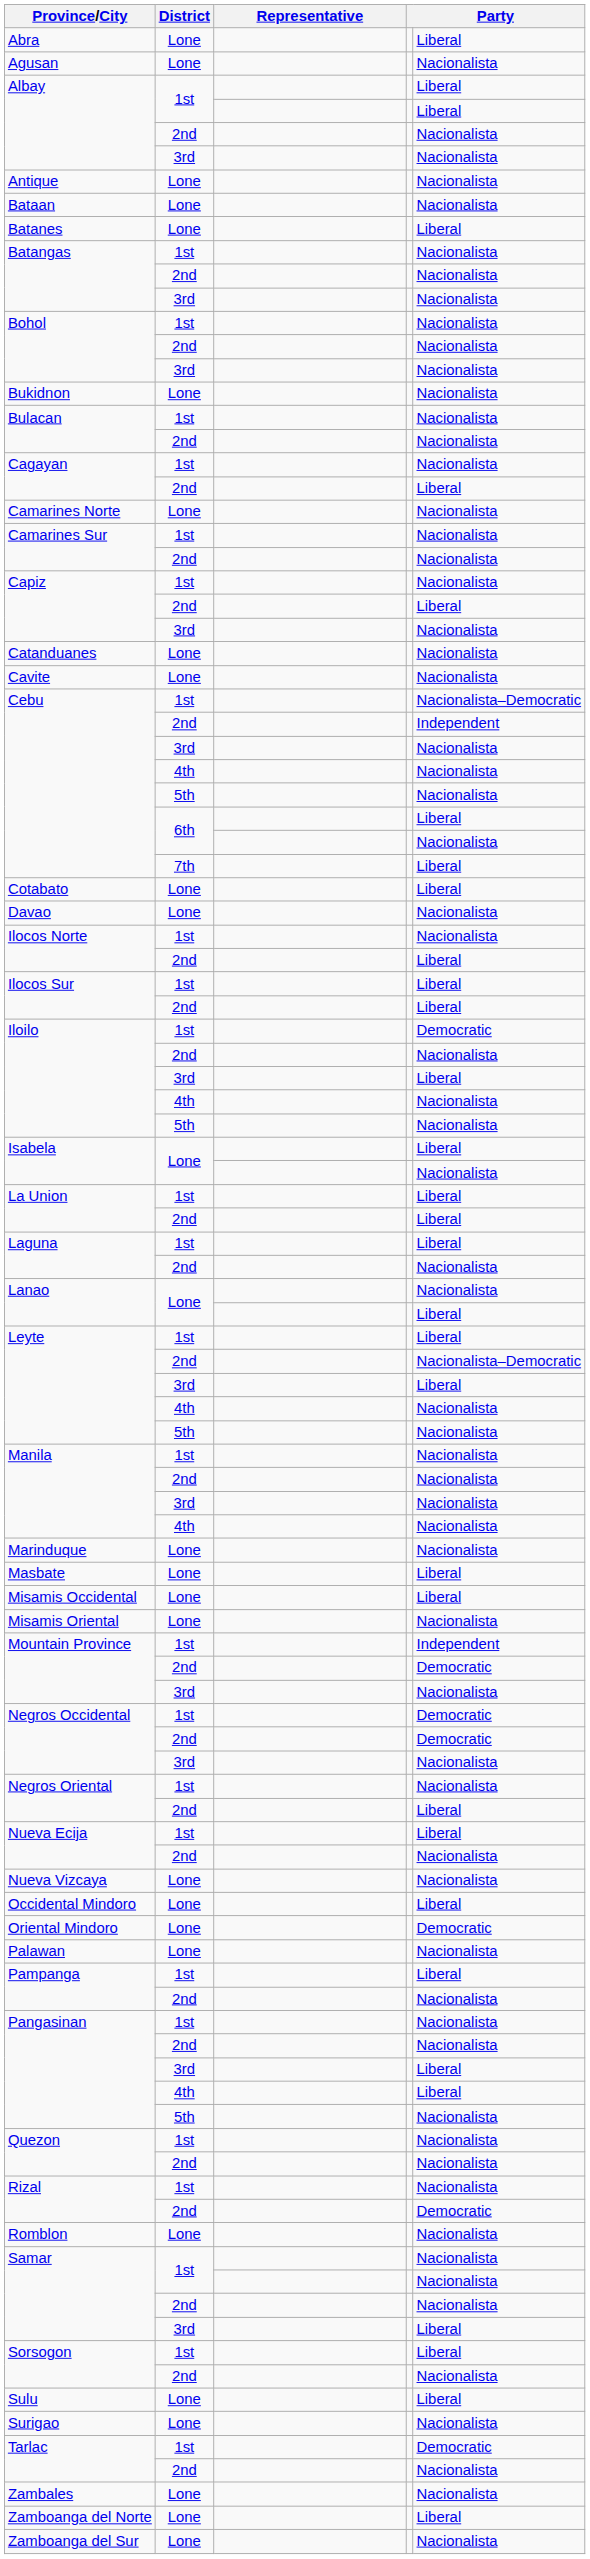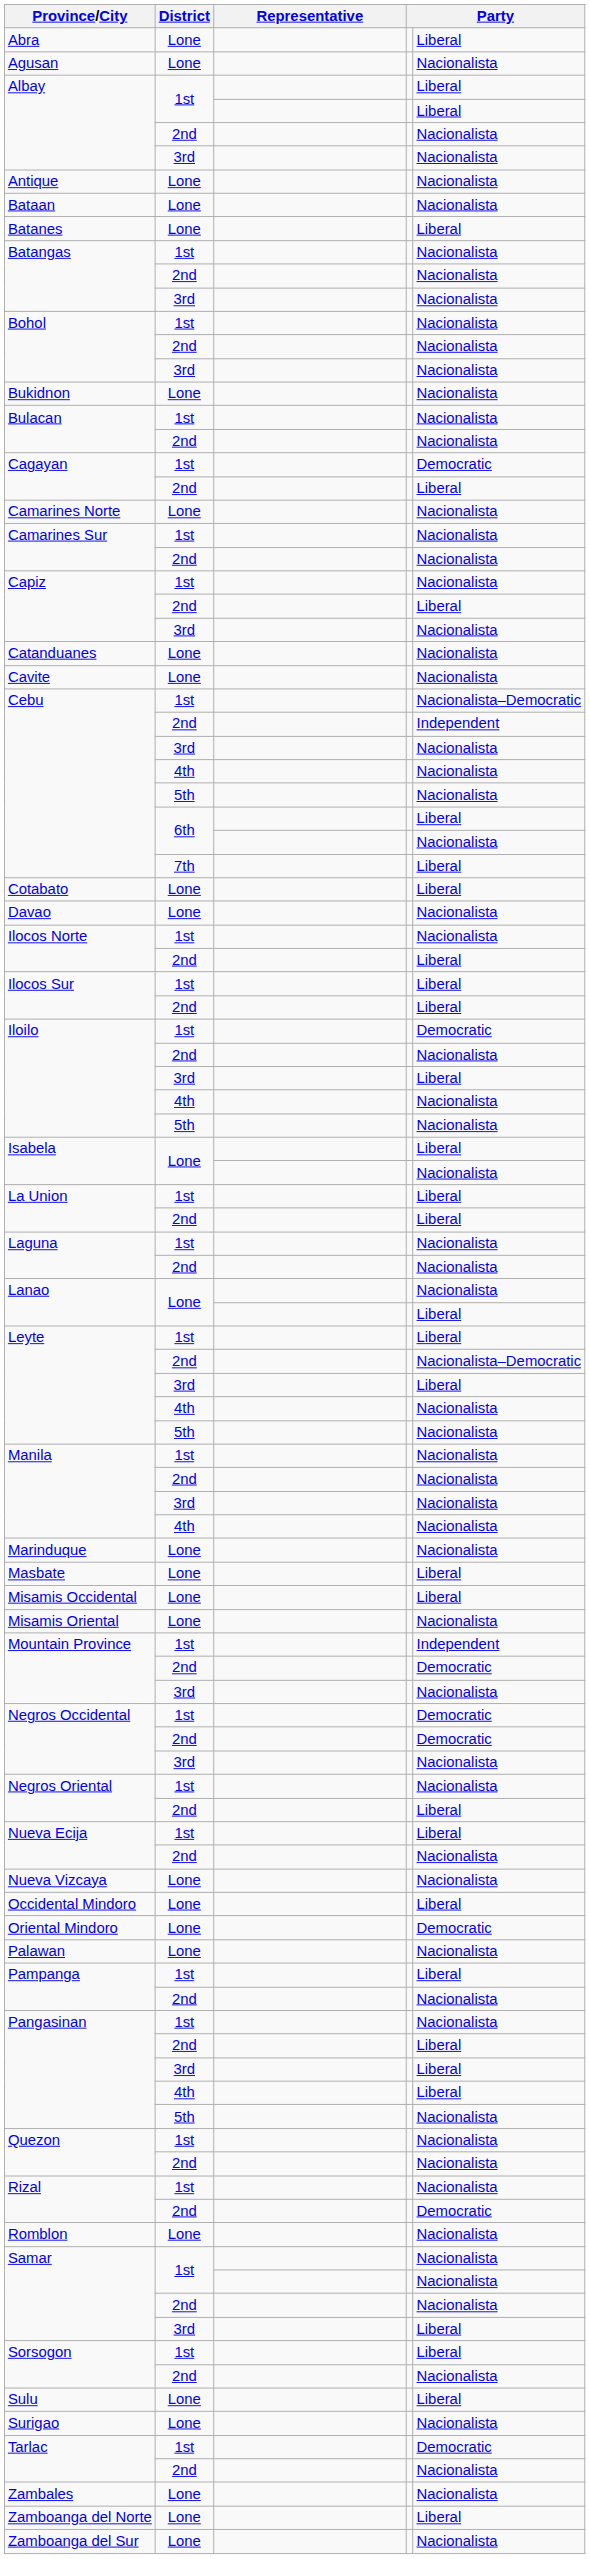 <table class="wikitable sortable">
 <tr>
 <th><a href='#'>Province</a>/<a href='#'>City</a></th>
 <th><a href='#'>District</a></th>
 <th width="200px"><a href='#'>Representative</a></th>
 <th colspan="2"><a href='#'>Party</a></th>
 </tr>
 <tr>
 <td valign="top"><a href='#'>Abra</a></td>
 <td align="center"><a href='#'>Lone</a></td>
 <td></td>
 <td></td>
 <td><a href='#'>Liberal</a></td>
 </tr>
 <tr>
 <td valign="top"><a href='#'>Agusan</a></td>
 <td align="center"><a href='#'>Lone</a></td>
 <td></td>
 <td></td>
 <td><a href='#'>Nacionalista</a></td>
 </tr>
 <tr>
 <td rowspan="4" valign="top"><a href='#'>Albay</a></td>
 <td rowspan="2" align="center"><a href='#'>1st</a></td>
 <td></td>
 <td></td>
 <td><a href='#'>Liberal</a></td>
 </tr>
 <tr>
 <td></td>
 <td></td>
 <td><a href='#'>Liberal</a></td>
 </tr>
 <tr>
 <td align="center"><a href='#'>2nd</a></td>
 <td></td>
 <td></td>
 <td><a href='#'>Nacionalista</a></td>
 </tr>
 <tr>
 <td align="center"><a href='#'>3rd</a></td>
 <td></td>
 <td></td>
 <td><a href='#'>Nacionalista</a></td>
 </tr>
 <tr>
 <td><a href='#'>Antique</a></td>
 <td align="center"><a href='#'>Lone</a></td>
 <td></td>
 <td></td>
 <td><a href='#'>Nacionalista</a></td>
 </tr>
 <tr>
 <td valign="top"><a href='#'>Bataan</a></td>
 <td align="center"><a href='#'>Lone</a></td>
 <td></td>
 <td></td>
 <td><a href='#'>Nacionalista</a></td>
 </tr>
 <tr>
 <td valign="top"><a href='#'>Batanes</a></td>
 <td align="center"><a href='#'>Lone</a></td>
 <td></td>
 <td></td>
 <td><a href='#'>Liberal</a></td>
 </tr>
 <tr>
 <td rowspan="3" valign="top"><a href='#'>Batangas</a></td>
 <td align="center"><a href='#'>1st</a></td>
 <td></td>
 <td></td>
 <td><a href='#'>Nacionalista</a></td>
 </tr>
 <tr>
 <td align="center"><a href='#'>2nd</a></td>
 <td></td>
 <td></td>
 <td><a href='#'>Nacionalista</a></td>
 </tr>
 <tr>
 <td align="center"><a href='#'>3rd</a></td>
 <td></td>
 <td></td>
 <td><a href='#'>Nacionalista</a></td>
 </tr>
 <tr>
 <td rowspan="3" valign="top"><a href='#'>Bohol</a></td>
 <td align="center"><a href='#'>1st</a></td>
 <td></td>
 <td></td>
 <td><a href='#'>Nacionalista</a></td>
 </tr>
 <tr>
 <td align="center"><a href='#'>2nd</a></td>
 <td></td>
 <td></td>
 <td><a href='#'>Nacionalista</a></td>
 </tr>
 <tr>
 <td align="center"><a href='#'>3rd</a></td>
 <td></td>
 <td></td>
 <td><a href='#'>Nacionalista</a></td>
 </tr>
 <tr>
 <td valign="top"><a href='#'>Bukidnon</a></td>
 <td align="center"><a href='#'>Lone</a></td>
 <td></td>
 <td></td>
 <td><a href='#'>Nacionalista</a></td>
 </tr>
 <tr>
 <td rowspan="2" valign="top"><a href='#'>Bulacan</a></td>
 <td align="center"><a href='#'>1st</a></td>
 <td></td>
 <td></td>
 <td><a href='#'>Nacionalista</a></td>
 </tr>
 <tr>
 <td align="center"><a href='#'>2nd</a></td>
 <td></td>
 <td></td>
 <td><a href='#'>Nacionalista</a></td>
 </tr>
 <tr>
 <td rowspan="2" valign="top"><a href='#'>Cagayan</a></td>
 <td align="center"><a href='#'>1st</a></td>
 <td></td>
 <td></td>
-<td><a href='#'>Nacionalista</a></td>
+<td><a href='#'>Democratic</a></td>
 </tr>
 <tr>
 <td align="center"><a href='#'>2nd</a></td>
 <td></td>
 <td></td>
 <td><a href='#'>Liberal</a></td>
 </tr>
 <tr>
 <td valign="top"><a href='#'>Camarines Norte</a></td>
 <td align="center"><a href='#'>Lone</a></td>
 <td></td>
 <td></td>
 <td><a href='#'>Nacionalista</a></td>
 </tr>
 <tr>
 <td rowspan="2" valign="top"><a href='#'>Camarines Sur</a></td>
 <td align="center"><a href='#'>1st</a></td>
 <td></td>
 <td></td>
 <td><a href='#'>Nacionalista</a></td>
 </tr>
 <tr>
 <td align="center"><a href='#'>2nd</a></td>
 <td></td>
 <td></td>
 <td><a href='#'>Nacionalista</a></td>
 </tr>
 <tr>
 <td rowspan="3" valign="top"><a href='#'>Capiz</a></td>
 <td align="center"><a href='#'>1st</a></td>
 <td></td>
 <td></td>
 <td><a href='#'>Nacionalista</a></td>
 </tr>
 <tr>
 <td align="center"><a href='#'>2nd</a></td>
 <td></td>
 <td></td>
 <td><a href='#'>Liberal</a></td>
 </tr>
 <tr>
 <td align="center"><a href='#'>3rd</a></td>
 <td></td>
 <td></td>
 <td><a href='#'>Nacionalista</a></td>
 </tr>
 <tr>
 <td valign="top"><a href='#'>Catanduanes</a></td>
 <td align="center"><a href='#'>Lone</a></td>
 <td></td>
 <td></td>
 <td><a href='#'>Nacionalista</a></td>
 </tr>
 <tr>
 <td valign="top"><a href='#'>Cavite</a></td>
 <td align="center"><a href='#'>Lone</a></td>
 <td></td>
 <td></td>
 <td><a href='#'>Nacionalista</a></td>
 </tr>
 <tr>
 <td rowspan="8" valign="top"><a href='#'>Cebu</a></td>
 <td align="center"><a href='#'>1st</a></td>
 <td></td>
 <td></td>
 <td><a href='#'>Nacionalista–Democratic</a></td>
 </tr>
 <tr>
 <td align="center"><a href='#'>2nd</a></td>
 <td></td>
 <td></td>
 <td><a href='#'>Independent</a></td>
 </tr>
 <tr>
 <td align="center"><a href='#'>3rd</a></td>
 <td></td>
 <td></td>
 <td><a href='#'>Nacionalista</a></td>
 </tr>
 <tr>
 <td align="center"><a href='#'>4th</a></td>
 <td></td>
 <td></td>
 <td><a href='#'>Nacionalista</a></td>
 </tr>
 <tr>
 <td align="center"><a href='#'>5th</a></td>
 <td></td>
 <td></td>
 <td><a href='#'>Nacionalista</a></td>
 </tr>
 <tr>
 <td rowspan="2" align="center"><a href='#'>6th</a></td>
 <td></td>
 <td></td>
 <td><a href='#'>Liberal</a></td>
 </tr>
 <tr>
 <td></td>
 <td></td>
 <td><a href='#'>Nacionalista</a></td>
 </tr>
 <tr>
 <td align="center"><a href='#'>7th</a></td>
 <td></td>
 <td></td>
 <td><a href='#'>Liberal</a></td>
 </tr>
 <tr>
 <td valign="top"><a href='#'>Cotabato</a></td>
 <td align="center"><a href='#'>Lone</a></td>
 <td></td>
 <td></td>
 <td><a href='#'>Liberal</a></td>
 </tr>
 <tr>
 <td valign="top"><a href='#'>Davao</a></td>
 <td align="center"><a href='#'>Lone</a></td>
 <td></td>
 <td></td>
 <td><a href='#'>Nacionalista</a></td>
 </tr>
 <tr>
 <td rowspan="2" valign="top"><a href='#'>Ilocos Norte</a></td>
 <td align="center"><a href='#'>1st</a></td>
 <td></td>
 <td></td>
 <td><a href='#'>Nacionalista</a></td>
 </tr>
 <tr>
 <td align="center"><a href='#'>2nd</a></td>
 <td></td>
 <td></td>
 <td><a href='#'>Liberal</a></td>
 </tr>
 <tr>
 <td rowspan="2" valign="top"><a href='#'>Ilocos Sur</a></td>
 <td align="center"><a href='#'>1st</a></td>
 <td></td>
 <td></td>
 <td><a href='#'>Liberal</a></td>
 </tr>
 <tr>
 <td align="center"><a href='#'>2nd</a></td>
 <td></td>
 <td></td>
 <td><a href='#'>Liberal</a></td>
 </tr>
 <tr>
 <td rowspan="5" valign="top"><a href='#'>Iloilo</a></td>
 <td align="center"><a href='#'>1st</a></td>
 <td></td>
 <td></td>
 <td><a href='#'>Democratic</a></td>
 </tr>
 <tr>
 <td align="center"><a href='#'>2nd</a></td>
 <td></td>
 <td></td>
 <td><a href='#'>Nacionalista</a></td>
 </tr>
 <tr>
 <td align="center"><a href='#'>3rd</a></td>
 <td></td>
 <td></td>
 <td><a href='#'>Liberal</a></td>
 </tr>
 <tr>
 <td align="center"><a href='#'>4th</a></td>
 <td></td>
 <td></td>
 <td><a href='#'>Nacionalista</a></td>
 </tr>
 <tr>
 <td align="center"><a href='#'>5th</a></td>
 <td></td>
 <td></td>
 <td><a href='#'>Nacionalista</a></td>
 </tr>
 <tr>
 <td rowspan="2" valign="top"><a href='#'>Isabela</a></td>
 <td rowspan="2" align="center"><a href='#'>Lone</a></td>
 <td></td>
 <td></td>
 <td><a href='#'>Liberal</a></td>
 </tr>
 <tr>
 <td></td>
 <td></td>
 <td><a href='#'>Nacionalista</a></td>
 </tr>
 <tr>
 <td rowspan="2" valign="top"><a href='#'>La Union</a></td>
 <td align="center"><a href='#'>1st</a></td>
 <td></td>
 <td></td>
 <td><a href='#'>Liberal</a></td>
 </tr>
 <tr>
 <td align="center"><a href='#'>2nd</a></td>
 <td></td>
 <td></td>
 <td><a href='#'>Liberal</a></td>
 </tr>
 <tr>
 <td rowspan="2" valign="top"><a href='#'>Laguna</a></td>
 <td align="center"><a href='#'>1st</a></td>
 <td></td>
 <td></td>
-<td><a href='#'>Liberal</a></td>
+<td><a href='#'>Nacionalista</a></td>
 </tr>
 <tr>
 <td align="center"><a href='#'>2nd</a></td>
 <td></td>
 <td></td>
 <td><a href='#'>Nacionalista</a></td>
 </tr>
 <tr>
 <td rowspan="2" valign="top"><a href='#'>Lanao</a></td>
 <td rowspan="2" align="center"><a href='#'>Lone</a></td>
 <td></td>
 <td></td>
 <td><a href='#'>Nacionalista</a></td>
 </tr>
 <tr>
 <td></td>
 <td></td>
 <td><a href='#'>Liberal</a></td>
 </tr>
 <tr>
 <td rowspan="5" valign="top"><a href='#'>Leyte</a></td>
 <td align="center"><a href='#'>1st</a></td>
 <td></td>
 <td></td>
 <td><a href='#'>Liberal</a></td>
 </tr>
 <tr>
 <td align="center"><a href='#'>2nd</a></td>
 <td></td>
 <td></td>
 <td><a href='#'>Nacionalista–Democratic</a></td>
 </tr>
 <tr>
 <td align="center"><a href='#'>3rd</a></td>
 <td></td>
 <td></td>
 <td><a href='#'>Liberal</a></td>
 </tr>
 <tr>
 <td align="center"><a href='#'>4th</a></td>
 <td></td>
 <td></td>
 <td><a href='#'>Nacionalista</a></td>
 </tr>
 <tr>
 <td align="center"><a href='#'>5th</a></td>
 <td></td>
 <td></td>
 <td><a href='#'>Nacionalista</a></td>
 </tr>
 <tr>
 <td rowspan="4" valign="top"><a href='#'>Manila</a></td>
 <td align="center"><a href='#'>1st</a></td>
 <td></td>
 <td></td>
 <td><a href='#'>Nacionalista</a></td>
 </tr>
 <tr>
 <td align="center"><a href='#'>2nd</a></td>
 <td></td>
 <td></td>
 <td><a href='#'>Nacionalista</a></td>
 </tr>
 <tr>
 <td align="center"><a href='#'>3rd</a></td>
 <td></td>
 <td></td>
 <td><a href='#'>Nacionalista</a></td>
 </tr>
 <tr>
 <td align="center"><a href='#'>4th</a></td>
 <td></td>
 <td></td>
 <td><a href='#'>Nacionalista</a></td>
 </tr>
 <tr>
 <td valign="top"><a href='#'>Marinduque</a></td>
 <td align="center"><a href='#'>Lone</a></td>
 <td></td>
 <td></td>
 <td><a href='#'>Nacionalista</a></td>
 </tr>
 <tr>
 <td valign="top"><a href='#'>Masbate</a></td>
 <td align="center"><a href='#'>Lone</a></td>
 <td></td>
 <td></td>
 <td><a href='#'>Liberal</a></td>
 </tr>
 <tr>
 <td valign="top"><a href='#'>Misamis Occidental</a></td>
 <td align="center"><a href='#'>Lone</a></td>
 <td></td>
 <td></td>
 <td><a href='#'>Liberal</a></td>
 </tr>
 <tr>
 <td valign="top"><a href='#'>Misamis Oriental</a></td>
 <td align="center"><a href='#'>Lone</a></td>
 <td></td>
 <td></td>
 <td><a href='#'>Nacionalista</a></td>
 </tr>
 <tr>
 <td rowspan="3" valign="top"><a href='#'>Mountain Province</a></td>
 <td align="center"><a href='#'>1st</a></td>
 <td></td>
 <td></td>
 <td><a href='#'>Independent</a></td>
 </tr>
 <tr>
 <td align="center"><a href='#'>2nd</a></td>
 <td></td>
 <td></td>
 <td><a href='#'>Democratic</a></td>
 </tr>
 <tr>
 <td align="center"><a href='#'>3rd</a></td>
 <td></td>
 <td></td>
 <td><a href='#'>Nacionalista</a></td>
 </tr>
 <tr>
 <td rowspan="3" valign="top"><a href='#'>Negros Occidental</a></td>
 <td align="center"><a href='#'>1st</a></td>
 <td></td>
 <td></td>
 <td><a href='#'>Democratic</a></td>
 </tr>
 <tr>
 <td align="center"><a href='#'>2nd</a></td>
 <td></td>
 <td></td>
 <td><a href='#'>Democratic</a></td>
 </tr>
 <tr>
 <td align="center"><a href='#'>3rd</a></td>
 <td></td>
 <td></td>
 <td><a href='#'>Nacionalista</a></td>
 </tr>
 <tr>
 <td rowspan="2" valign="top"><a href='#'>Negros Oriental</a></td>
 <td align="center"><a href='#'>1st</a></td>
 <td></td>
 <td></td>
 <td><a href='#'>Nacionalista</a></td>
 </tr>
 <tr>
 <td align="center"><a href='#'>2nd</a></td>
 <td></td>
 <td></td>
 <td><a href='#'>Liberal</a></td>
 </tr>
 <tr>
 <td rowspan="2" valign="top"><a href='#'>Nueva Ecija</a></td>
 <td align="center"><a href='#'>1st</a></td>
 <td></td>
 <td></td>
 <td><a href='#'>Liberal</a></td>
 </tr>
 <tr>
 <td align="center"><a href='#'>2nd</a></td>
 <td></td>
 <td></td>
 <td><a href='#'>Nacionalista</a></td>
 </tr>
 <tr>
 <td valign="top"><a href='#'>Nueva Vizcaya</a></td>
 <td align="center"><a href='#'>Lone</a></td>
 <td></td>
 <td></td>
 <td><a href='#'>Nacionalista</a></td>
 </tr>
 <tr>
 <td valign="top"><a href='#'>Occidental Mindoro</a></td>
 <td align="center"><a href='#'>Lone</a></td>
 <td></td>
 <td></td>
 <td><a href='#'>Liberal</a></td>
 </tr>
 <tr>
 <td valign="top"><a href='#'>Oriental Mindoro</a></td>
 <td align="center"><a href='#'>Lone</a></td>
 <td></td>
 <td></td>
 <td><a href='#'>Democratic</a></td>
 </tr>
 <tr>
 <td valign="top"><a href='#'>Palawan</a></td>
 <td align="center"><a href='#'>Lone</a></td>
 <td></td>
 <td></td>
 <td><a href='#'>Nacionalista</a></td>
 </tr>
 <tr>
 <td rowspan="2" valign="top"><a href='#'>Pampanga</a></td>
 <td align="center"><a href='#'>1st</a></td>
 <td></td>
 <td></td>
 <td><a href='#'>Liberal</a></td>
 </tr>
 <tr>
 <td align="center"><a href='#'>2nd</a></td>
 <td></td>
 <td></td>
 <td><a href='#'>Nacionalista</a></td>
 </tr>
 <tr>
 <td rowspan="5" valign="top"><a href='#'>Pangasinan</a></td>
 <td align="center"><a href='#'>1st</a></td>
 <td></td>
 <td></td>
 <td><a href='#'>Nacionalista</a></td>
 </tr>
 <tr>
 <td align="center"><a href='#'>2nd</a></td>
 <td></td>
 <td></td>
-<td><a href='#'>Nacionalista</a></td>
+<td><a href='#'>Liberal</a></td>
 </tr>
 <tr>
 <td align="center"><a href='#'>3rd</a></td>
 <td></td>
 <td></td>
 <td><a href='#'>Liberal</a></td>
 </tr>
 <tr>
 <td align="center"><a href='#'>4th</a></td>
 <td></td>
 <td></td>
 <td><a href='#'>Liberal</a></td>
 </tr>
 <tr>
 <td align="center"><a href='#'>5th</a></td>
 <td></td>
 <td></td>
 <td><a href='#'>Nacionalista</a></td>
 </tr>
 <tr>
 <td rowspan="2"  valign="top"><a href='#'>Quezon</a></td>
 <td align="center"><a href='#'>1st</a></td>
 <td></td>
 <td></td>
 <td><a href='#'>Nacionalista</a></td>
 </tr>
 <tr>
 <td align="center"><a href='#'>2nd</a></td>
 <td></td>
 <td></td>
 <td><a href='#'>Nacionalista</a></td>
 </tr>
 <tr>
 <td rowspan="2" valign="top"><a href='#'>Rizal</a></td>
 <td align="center"><a href='#'>1st</a></td>
 <td></td>
 <td></td>
 <td><a href='#'>Nacionalista</a></td>
 </tr>
 <tr>
 <td align="center"><a href='#'>2nd</a></td>
 <td></td>
 <td></td>
 <td><a href='#'>Democratic</a></td>
 </tr>
 <tr>
 <td valign="top"><a href='#'>Romblon</a></td>
 <td align="center"><a href='#'>Lone</a></td>
 <td></td>
 <td></td>
 <td><a href='#'>Nacionalista</a></td>
 </tr>
 <tr>
 <td rowspan="4" valign="top"><a href='#'>Samar</a></td>
 <td rowspan="2" align="center"><a href='#'>1st</a></td>
 <td></td>
 <td></td>
 <td><a href='#'>Nacionalista</a></td>
 </tr>
 <tr>
 <td></td>
 <td></td>
 <td><a href='#'>Nacionalista</a></td>
 </tr>
 <tr>
 <td align="center"><a href='#'>2nd</a></td>
 <td></td>
 <td></td>
 <td><a href='#'>Nacionalista</a></td>
 </tr>
 <tr>
 <td align="center"><a href='#'>3rd</a></td>
 <td></td>
 <td></td>
 <td><a href='#'>Liberal</a></td>
 </tr>
 <tr>
 <td rowspan="2" valign="top"><a href='#'>Sorsogon</a></td>
 <td align="center"><a href='#'>1st</a></td>
 <td></td>
 <td></td>
 <td><a href='#'>Liberal</a></td>
 </tr>
 <tr>
 <td align="center"><a href='#'>2nd</a></td>
 <td></td>
 <td></td>
 <td><a href='#'>Nacionalista</a></td>
 </tr>
 <tr>
 <td valign="top"><a href='#'>Sulu</a></td>
 <td align="center"><a href='#'>Lone</a></td>
 <td></td>
 <td></td>
 <td><a href='#'>Liberal</a></td>
 </tr>
 <tr>
 <td valign="top"><a href='#'>Surigao</a></td>
 <td align="center"><a href='#'>Lone</a></td>
 <td></td>
 <td></td>
 <td><a href='#'>Nacionalista</a></td>
 </tr>
 <tr>
 <td rowspan="2" valign="top"><a href='#'>Tarlac</a></td>
 <td align="center"><a href='#'>1st</a></td>
 <td></td>
 <td></td>
 <td><a href='#'>Democratic</a></td>
 </tr>
 <tr>
 <td align="center"><a href='#'>2nd</a></td>
 <td></td>
 <td></td>
 <td><a href='#'>Nacionalista</a></td>
 </tr>
 <tr>
 <td valign="top"><a href='#'>Zambales</a></td>
 <td align="center"><a href='#'>Lone</a></td>
 <td></td>
 <td></td>
 <td><a href='#'>Nacionalista</a></td>
 </tr>
 <tr>
 <td valign="top"><a href='#'>Zamboanga del Norte</a></td>
 <td align="center"><a href='#'>Lone</a></td>
 <td></td>
 <td></td>
 <td><a href='#'>Liberal</a></td>
 </tr>
 <tr>
 <td valign="top"><a href='#'>Zamboanga del Sur</a></td>
 <td align="center"><a href='#'>Lone</a></td>
 <td></td>
 <td></td>
 <td><a href='#'>Nacionalista</a></td>
 </tr>
 </table>
